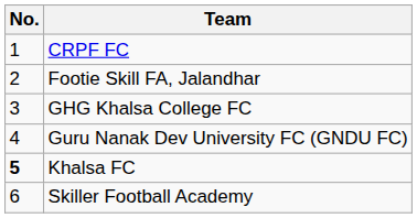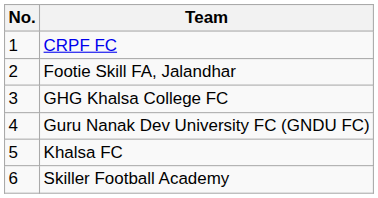 <table class="wikitable">
 <tr>
 <th>No.</th>
 <th>Team</th>
 </tr>
 <tr>
 <td>1</td>
 <td><a href='#'>CRPF FC</a></td>
 </tr>
 <tr>
 <td>2</td>
 <td>Footie Skill FA, Jalandhar</td>
 </tr>
 <tr>
 <td>3</td>
 <td>GHG Khalsa College FC</td>
 </tr>
 <tr>
 <td>4</td>
 <td>Guru Nanak Dev University FC (GNDU FC)</td>
 </tr>
 <tr>
-<td><strong>5</strong></td>
+<td>5</td>
 <td>Khalsa FC</td>
 </tr>
 <tr>
 <td>6</td>
 <td>Skiller Football Academy</td>
 </tr>
 </table>
